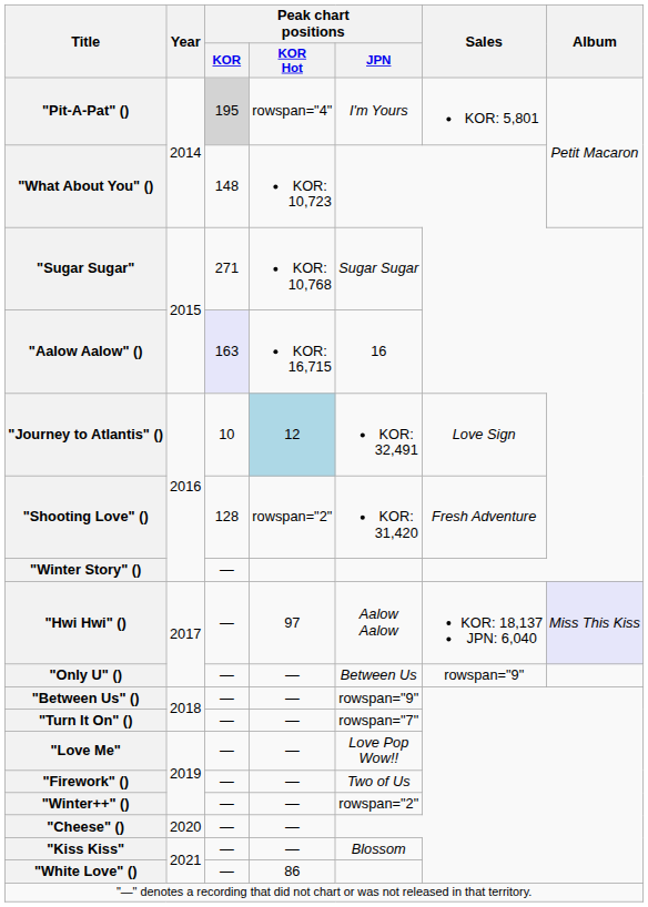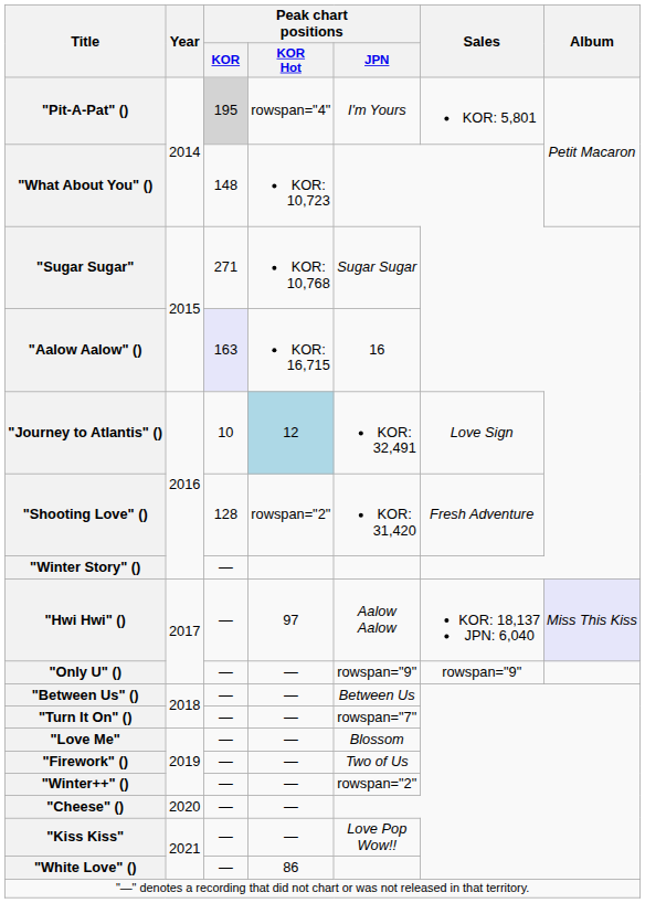 <table class="wikitable plainrowheaders" style="text-align:center;">
 <tr>
 <th scope="col" rowspan="2" style="width:16m;">Title</th>
 <th scope="col" rowspan="2">Year</th>
 <th scope="col" colspan="3">Peak chart <br> positions</th>
 <th scope="col" rowspan="2">Sales<br></th>
 <th scope="col" rowspan="2">Album</th>
 </tr>
 <tr>
 <th scope="col" style="width:3em;font-size:90%"><a href='#'>KOR</a><br></th>
 <th scope="col" style="width:3em;font-size:90%"><a href='#'>KOR<br>Hot</a><br></th>
 <th scope="col" style="width:3em;font-size:90%;"><a href='#'>JPN</a><br></th>
 </tr>
 <tr>
 <th scope="row">"Pit-A-Pat" ()</th>
 <td rowspan="2">2014</td>
 <td style="background: lightgrey;">195</td>
 <td>rowspan="4" </td>
 <td><em>I'm Yours</em></td>
 <td><br><ul><li>KOR: 5,801</li></ul></td>
 <td rowspan="2"><em>Petit Macaron</em></td>
 </tr>
 <tr>
 <th scope="row">"What About You" ()</th>
 <td>148</td>
 <td><br><ul><li>KOR: 10,723</li></ul></td>
 </tr>
 <tr>
 <th scope="row">"Sugar Sugar"</th>
 <td rowspan="2">2015</td>
 <td>271</td>
 <td><br><ul><li>KOR: 10,768</li></ul></td>
 <td><em>Sugar Sugar</em></td>
 </tr>
 <tr>
 <th scope="row">"Aalow Aalow" ()</th>
 <td style="background: lavender;">163</td>
 <td><br><ul><li>KOR: 16,715</li></ul></td>
 <td>16</td>
 </tr>
 <tr>
 <th scope="row">"Journey to Atlantis" ()</th>
 <td rowspan="3">2016</td>
 <td>10</td>
 <td style="background: lightblue;">12</td>
 <td><br><ul><li>KOR: 32,491</li></ul></td>
 <td><em>Love Sign</em></td>
 </tr>
 <tr>
 <th scope="row">"Shooting Love" ()</th>
 <td>128</td>
 <td>rowspan="2" </td>
 <td><br><ul><li>KOR: 31,420</li></ul></td>
 <td><em>Fresh Adventure</em></td>
 </tr>
 <tr>
 <th scope="row">"Winter Story" ()</th>
 <td>—</td>
 <td></td>
 <td></td>
 </tr>
 <tr>
 <th scope="row">"Hwi Hwi" ()</th>
 <td rowspan="2">2017</td>
 <td>—</td>
 <td>97</td>
 <td><em>Aalow Aalow</em></td>
 <td><br><ul><li>KOR: 18,137</li><li>JPN: 6,040 </li></ul></td>
 <td style="background: lavender;"><em>Miss This Kiss</em></td>
 </tr>
 <tr>
 <th scope="row">"Only U" ()</th>
 <td>—</td>
 <td>—</td>
-<td><em>Between Us</em></td>
+<td>rowspan="9" </td>
 <td>rowspan="9" </td>
 <td></td>
 </tr>
 <tr>
 <th scope="row">"Between Us" ()</th>
 <td rowspan="2">2018</td>
 <td>—</td>
 <td>—</td>
-<td>rowspan="9" </td>
+<td><em>Between Us</em></td>
 </tr>
 <tr>
 <th scope="row">"Turn It On" ()</th>
 <td>—</td>
 <td>—</td>
 <td>rowspan="7" </td>
 </tr>
 <tr>
 <th scope="row">"Love Me"</th>
 <td rowspan="3">2019</td>
 <td>—</td>
 <td>—</td>
-<td><em>Love Pop Wow!!</em></td>
+<td><em>Blossom</em></td>
 </tr>
 <tr>
 <th scope="row">"Firework" ()</th>
 <td>—</td>
 <td>—</td>
 <td><em>Two of Us</em></td>
 </tr>
 <tr>
 <th scope="row">"Winter++" ()</th>
 <td>—</td>
 <td>—</td>
 <td>rowspan="2" </td>
 </tr>
 <tr>
 <th scope="row">"Cheese" ()</th>
 <td>2020</td>
 <td>—</td>
 <td>—</td>
 </tr>
 <tr>
 <th scope="row">"Kiss Kiss"</th>
 <td rowspan="2">2021</td>
 <td>—</td>
 <td>—</td>
-<td><em>Blossom</em></td>
+<td><em>Love Pop Wow!!</em></td>
 </tr>
 <tr>
 <th scope="row">"White Love" ()<br></th>
 <td>—</td>
 <td>86</td>
 <td></td>
 </tr>
 <tr>
 <td colspan="8" style="font-size:85%;">"—" denotes a recording that did not chart or was not released in that territory.</td>
 </tr>
 </table>
